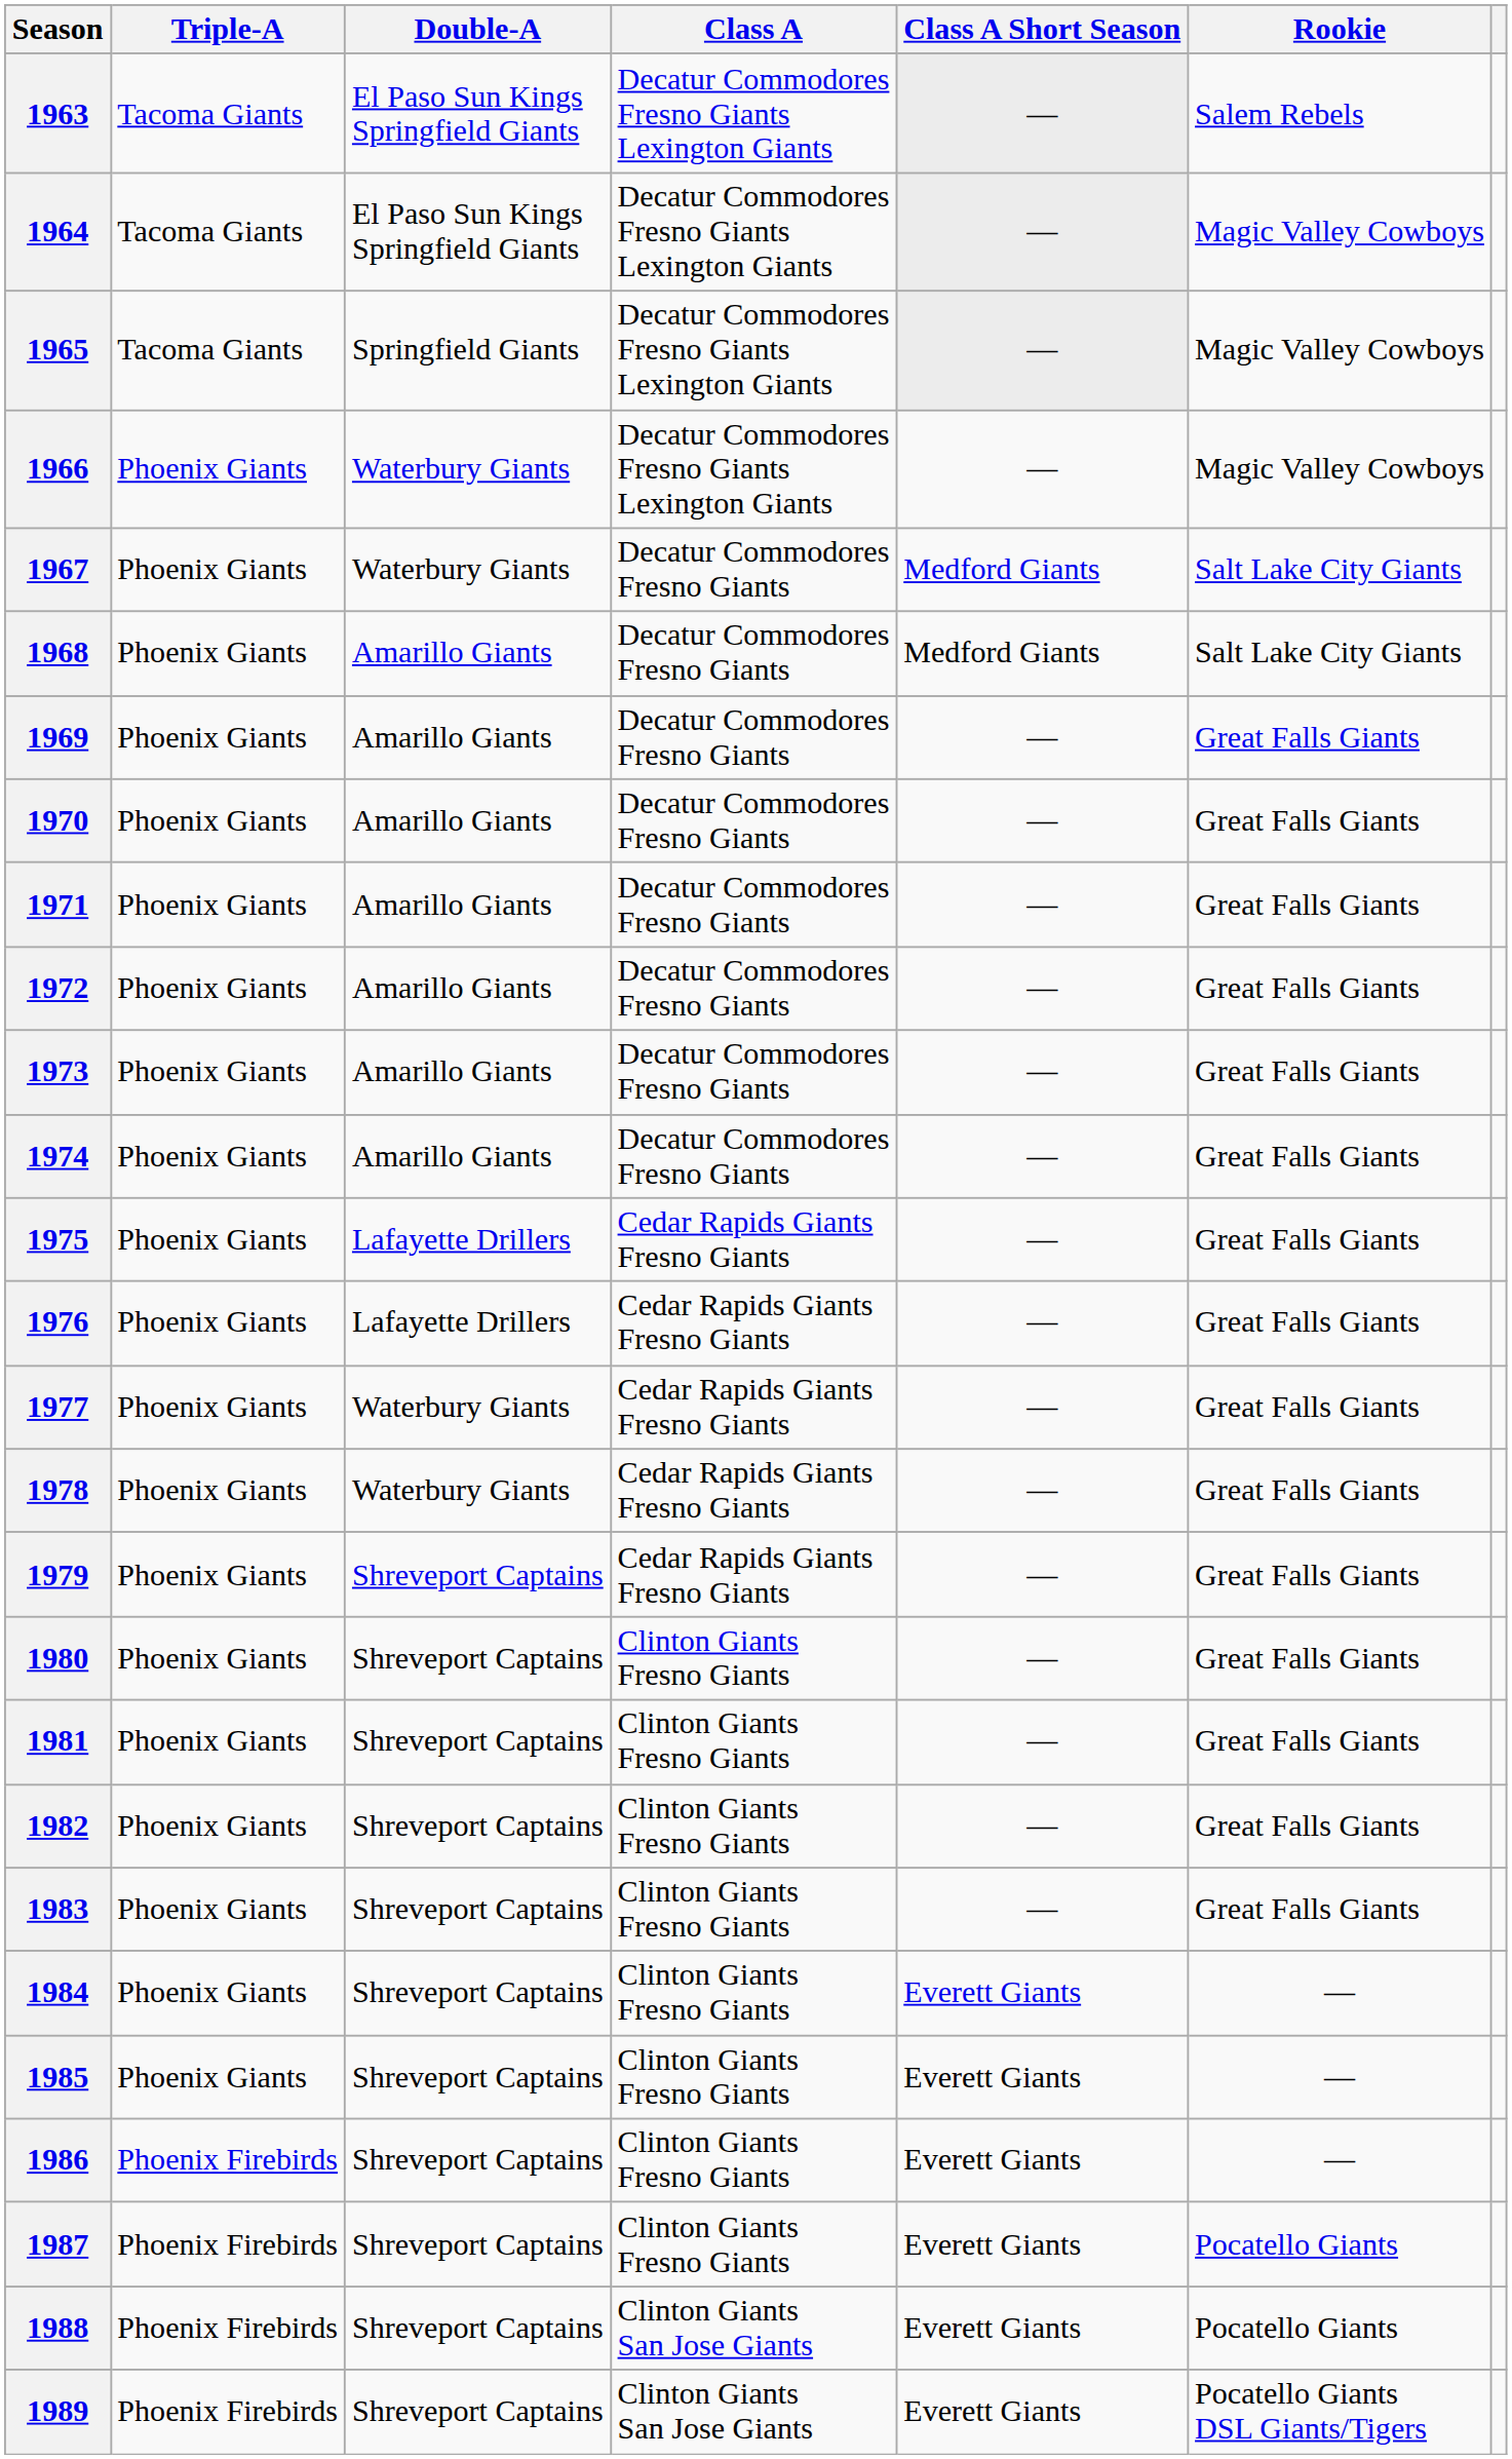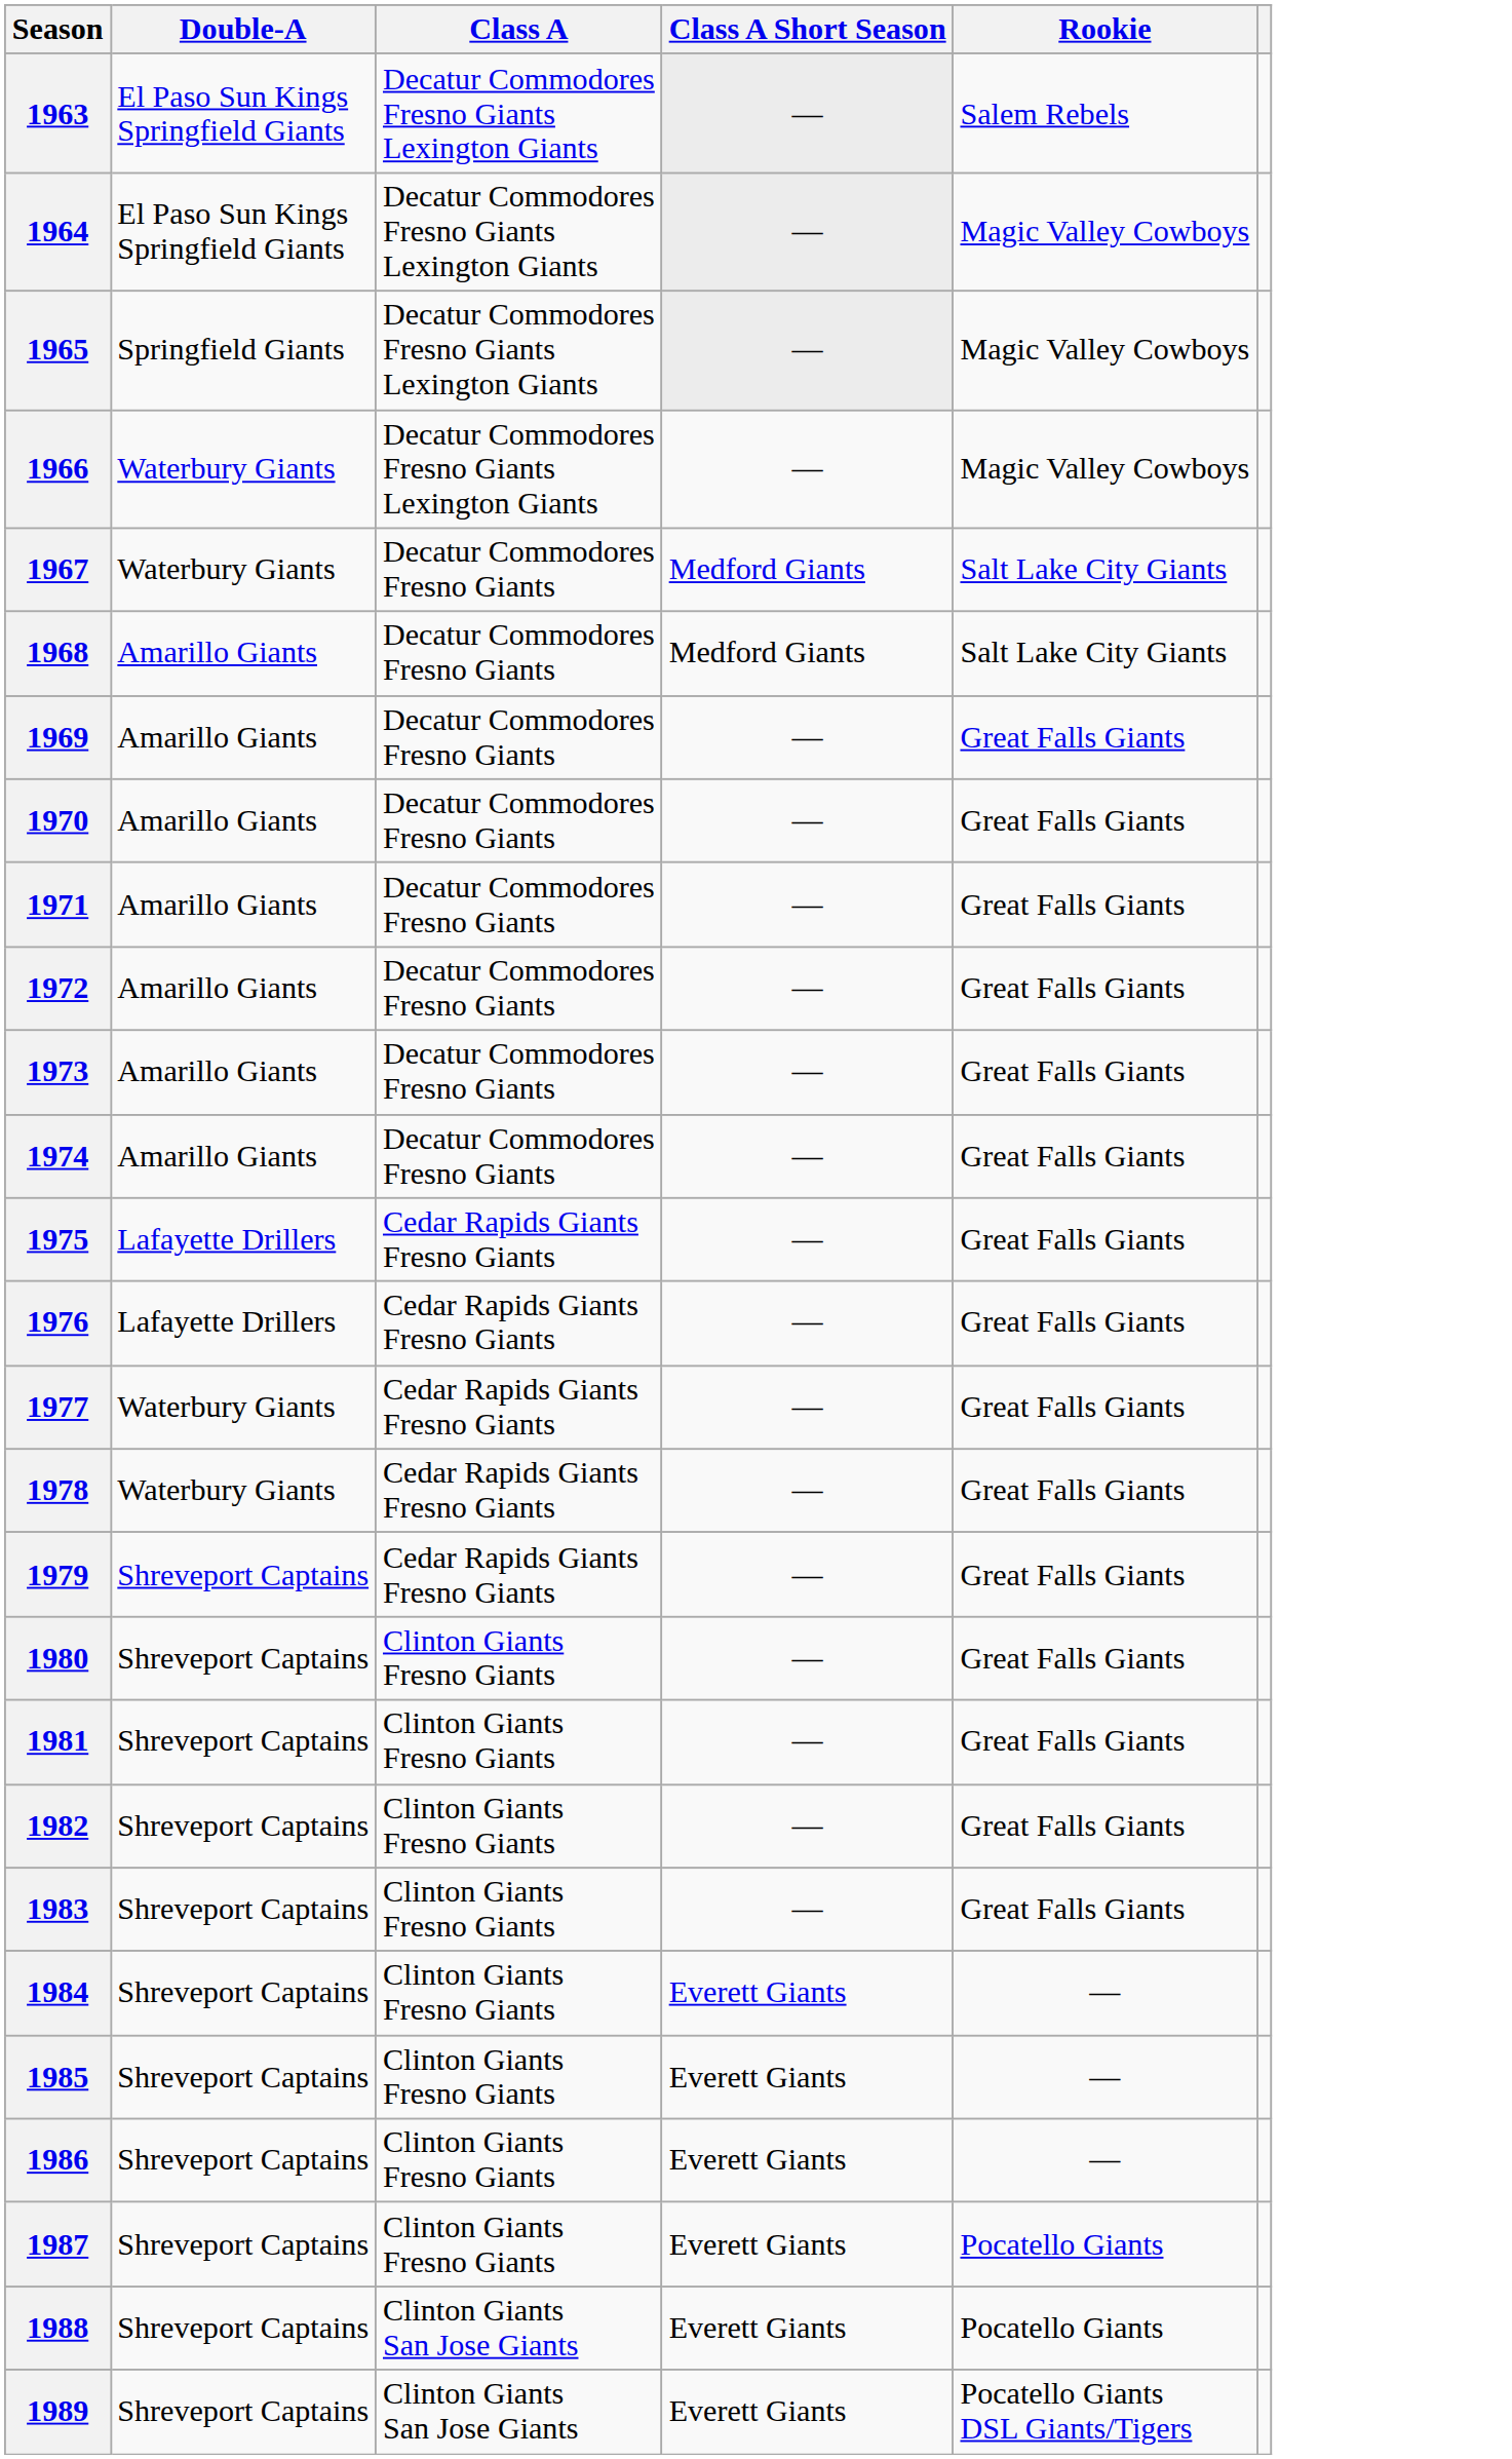 <table class="wikitable plainrowheaders">
 <tr>
 <th scope="col">Season</th>
-<th scope="col"><a href='#'><span>Triple-A</span></a></th>
 <th scope="col"><a href='#'><span>Double-A</span></a></th>
 <th scope="col"><a href='#'><span>Class A</span></a></th>
 <th scope="col"><a href='#'><span>Class A Short Season</span></a></th>
 <th scope="col"><a href='#'><span>Rookie</span></a></th>
 <th scope="col"></th>
 </tr>
 <tr>
 <th scope="row" style="text-align:center"><a href='#'>1963</a></th>
-<td><a href='#'>Tacoma Giants</a></td>
 <td><a href='#'>El Paso Sun Kings</a><br><a href='#'>Springfield Giants</a></td>
 <td><a href='#'>Decatur Commodores</a><br><a href='#'>Fresno Giants</a><br><a href='#'>Lexington Giants</a></td>
 <td style="background:#ececec" align="center">—</td>
 <td><a href='#'>Salem Rebels</a></td>
 <td align="center"></td>
 </tr>
 <tr>
 <th scope="row" style="text-align:center"><a href='#'>1964</a></th>
-<td>Tacoma Giants</td>
 <td>El Paso Sun Kings<br>Springfield Giants</td>
 <td>Decatur Commodores<br>Fresno Giants<br>Lexington Giants</td>
 <td style="background:#ececec" align="center">—</td>
 <td><a href='#'>Magic Valley Cowboys</a></td>
 <td align="center"></td>
 </tr>
 <tr>
 <th scope="row" style="text-align:center"><a href='#'>1965</a></th>
-<td>Tacoma Giants</td>
 <td>Springfield Giants</td>
 <td>Decatur Commodores<br>Fresno Giants<br>Lexington Giants</td>
 <td style="background:#ececec" align="center">—</td>
 <td>Magic Valley Cowboys</td>
 <td align="center"></td>
 </tr>
 <tr>
 <th scope="row" style="text-align:center"><a href='#'>1966</a></th>
-<td><a href='#'>Phoenix Giants</a></td>
 <td><a href='#'>Waterbury Giants</a></td>
 <td>Decatur Commodores<br>Fresno Giants<br>Lexington Giants</td>
 <td align="center">—</td>
 <td>Magic Valley Cowboys</td>
 <td align="center"></td>
 </tr>
 <tr>
 <th scope="row" style="text-align:center"><a href='#'>1967</a></th>
-<td>Phoenix Giants</td>
 <td>Waterbury Giants</td>
 <td>Decatur Commodores<br>Fresno Giants</td>
 <td><a href='#'>Medford Giants</a></td>
 <td><a href='#'>Salt Lake City Giants</a></td>
 <td align="center"></td>
 </tr>
 <tr>
 <th scope="row" style="text-align:center"><a href='#'>1968</a></th>
-<td>Phoenix Giants</td>
 <td><a href='#'>Amarillo Giants</a></td>
 <td>Decatur Commodores<br>Fresno Giants</td>
 <td>Medford Giants</td>
 <td>Salt Lake City Giants</td>
 <td align="center"></td>
 </tr>
 <tr>
 <th scope="row" style="text-align:center"><a href='#'>1969</a></th>
-<td>Phoenix Giants</td>
 <td>Amarillo Giants</td>
 <td>Decatur Commodores<br>Fresno Giants</td>
 <td align="center">—</td>
 <td><a href='#'>Great Falls Giants</a></td>
 <td align="center"></td>
 </tr>
 <tr>
 <th scope="row" style="text-align:center"><a href='#'>1970</a></th>
-<td>Phoenix Giants</td>
 <td>Amarillo Giants</td>
 <td>Decatur Commodores<br>Fresno Giants</td>
 <td align="center">—</td>
 <td>Great Falls Giants</td>
 <td align="center"></td>
 </tr>
 <tr>
 <th scope="row" style="text-align:center"><a href='#'>1971</a></th>
-<td>Phoenix Giants</td>
 <td>Amarillo Giants</td>
 <td>Decatur Commodores<br>Fresno Giants</td>
 <td align="center">—</td>
 <td>Great Falls Giants</td>
 <td align="center"></td>
 </tr>
 <tr>
 <th scope="row" style="text-align:center"><a href='#'>1972</a></th>
-<td>Phoenix Giants</td>
 <td>Amarillo Giants</td>
 <td>Decatur Commodores<br>Fresno Giants</td>
 <td align="center">—</td>
 <td>Great Falls Giants</td>
 <td align="center"></td>
 </tr>
 <tr>
 <th scope="row" style="text-align:center"><a href='#'>1973</a></th>
-<td>Phoenix Giants</td>
 <td>Amarillo Giants</td>
 <td>Decatur Commodores<br>Fresno Giants</td>
 <td align="center">—</td>
 <td>Great Falls Giants</td>
 <td align="center"></td>
 </tr>
 <tr>
 <th scope="row" style="text-align:center"><a href='#'>1974</a></th>
-<td>Phoenix Giants</td>
 <td>Amarillo Giants</td>
 <td>Decatur Commodores<br>Fresno Giants</td>
 <td align="center">—</td>
 <td>Great Falls Giants</td>
 <td align="center"></td>
 </tr>
 <tr>
 <th scope="row" style="text-align:center"><a href='#'>1975</a></th>
-<td>Phoenix Giants</td>
 <td><a href='#'>Lafayette Drillers</a></td>
 <td><a href='#'>Cedar Rapids Giants</a><br>Fresno Giants</td>
 <td align="center">—</td>
 <td>Great Falls Giants</td>
 <td align="center"></td>
 </tr>
 <tr>
 <th scope="row" style="text-align:center"><a href='#'>1976</a></th>
-<td>Phoenix Giants</td>
 <td>Lafayette Drillers</td>
 <td>Cedar Rapids Giants<br>Fresno Giants</td>
 <td align="center">—</td>
 <td>Great Falls Giants</td>
 <td align="center"></td>
 </tr>
 <tr>
 <th scope="row" style="text-align:center"><a href='#'>1977</a></th>
-<td>Phoenix Giants</td>
 <td>Waterbury Giants</td>
 <td>Cedar Rapids Giants<br>Fresno Giants</td>
 <td align="center">—</td>
 <td>Great Falls Giants</td>
 <td align="center"></td>
 </tr>
 <tr>
 <th scope="row" style="text-align:center"><a href='#'>1978</a></th>
-<td>Phoenix Giants</td>
 <td>Waterbury Giants</td>
 <td>Cedar Rapids Giants<br>Fresno Giants</td>
 <td align="center">—</td>
 <td>Great Falls Giants</td>
 <td align="center"></td>
 </tr>
 <tr>
 <th scope="row" style="text-align:center"><a href='#'>1979</a></th>
-<td>Phoenix Giants</td>
 <td><a href='#'>Shreveport Captains</a></td>
 <td>Cedar Rapids Giants<br>Fresno Giants</td>
 <td align="center">—</td>
 <td>Great Falls Giants</td>
 <td align="center"></td>
 </tr>
 <tr>
 <th scope="row" style="text-align:center"><a href='#'>1980</a></th>
-<td>Phoenix Giants</td>
 <td>Shreveport Captains</td>
 <td><a href='#'>Clinton Giants</a><br>Fresno Giants</td>
 <td align="center">—</td>
 <td>Great Falls Giants</td>
 <td align="center"></td>
 </tr>
 <tr>
 <th scope="row" style="text-align:center"><a href='#'>1981</a></th>
-<td>Phoenix Giants</td>
 <td>Shreveport Captains</td>
 <td>Clinton Giants<br>Fresno Giants</td>
 <td align="center">—</td>
 <td>Great Falls Giants</td>
 <td align="center"></td>
 </tr>
 <tr>
 <th scope="row" style="text-align:center"><a href='#'>1982</a></th>
-<td>Phoenix Giants</td>
 <td>Shreveport Captains</td>
 <td>Clinton Giants<br>Fresno Giants</td>
 <td align="center">—</td>
 <td>Great Falls Giants</td>
 <td align="center"></td>
 </tr>
 <tr>
 <th scope="row" style="text-align:center"><a href='#'>1983</a></th>
-<td>Phoenix Giants</td>
 <td>Shreveport Captains</td>
 <td>Clinton Giants<br>Fresno Giants</td>
 <td align="center">—</td>
 <td>Great Falls Giants</td>
 <td align="center"></td>
 </tr>
 <tr>
 <th scope="row" style="text-align:center"><a href='#'>1984</a></th>
-<td>Phoenix Giants</td>
 <td>Shreveport Captains</td>
 <td>Clinton Giants<br>Fresno Giants</td>
 <td><a href='#'>Everett Giants</a></td>
 <td align="center">—</td>
 <td align="center"></td>
 </tr>
 <tr>
 <th scope="row" style="text-align:center"><a href='#'>1985</a></th>
-<td>Phoenix Giants</td>
 <td>Shreveport Captains</td>
 <td>Clinton Giants<br>Fresno Giants</td>
 <td>Everett Giants</td>
 <td align="center">—</td>
 <td align="center"></td>
 </tr>
 <tr>
 <th scope="row" style="text-align:center"><a href='#'>1986</a></th>
-<td><a href='#'>Phoenix Firebirds</a></td>
 <td>Shreveport Captains</td>
 <td>Clinton Giants<br>Fresno Giants</td>
 <td>Everett Giants</td>
 <td align="center">—</td>
 <td align="center"></td>
 </tr>
 <tr>
 <th scope="row" style="text-align:center"><a href='#'>1987</a></th>
-<td>Phoenix Firebirds</td>
 <td>Shreveport Captains</td>
 <td>Clinton Giants<br>Fresno Giants</td>
 <td>Everett Giants</td>
 <td><a href='#'>Pocatello Giants</a></td>
 <td align="center"></td>
 </tr>
 <tr>
 <th scope="row" style="text-align:center"><a href='#'>1988</a></th>
-<td>Phoenix Firebirds</td>
 <td>Shreveport Captains</td>
 <td>Clinton Giants<br><a href='#'>San Jose Giants</a></td>
 <td>Everett Giants</td>
 <td>Pocatello Giants</td>
 <td align="center"></td>
 </tr>
 <tr>
 <th scope="row" style="text-align:center"><a href='#'>1989</a></th>
-<td>Phoenix Firebirds</td>
 <td>Shreveport Captains</td>
 <td>Clinton Giants<br>San Jose Giants</td>
 <td>Everett Giants</td>
 <td>Pocatello Giants<br><a href='#'>DSL Giants/Tigers</a></td>
 <td align="center"></td>
 </tr>
 </table>
